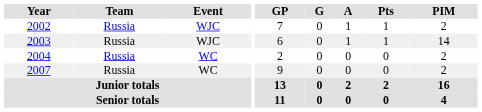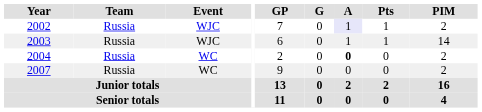 <table border="0" cellpadding="1" cellspacing="0" ID="Table3" style="text-align:center; width:40em">
 <tr bgcolor="#e0e0e0">
 <th>Year</th>
 <th>Team</th>
 <th>Event</th>
 <th rowspan="102" bgcolor="#ffffff"></th>
 <th>GP</th>
 <th>G</th>
 <th>A</th>
 <th>Pts</th>
 <th>PIM</th>
 </tr>
 <tr>
 <td><a href='#'>2002</a></td>
 <td><a href='#'>Russia</a></td>
 <td><a href='#'>WJC</a></td>
 <td>7</td>
 <td>0</td>
-<td>1</td>
+<td style="background: lavender;">1</td>
 <td>1</td>
 <td>2</td>
 </tr>
 <tr bgcolor="#f0f0f0">
 <td><a href='#'>2003</a></td>
 <td>Russia</td>
 <td>WJC</td>
 <td>6</td>
 <td>0</td>
 <td>1</td>
 <td>1</td>
 <td>14</td>
 </tr>
 <tr>
 <td><a href='#'>2004</a></td>
 <td><a href='#'>Russia</a></td>
 <td><a href='#'>WC</a></td>
 <td>2</td>
 <td>0</td>
-<td>0</td>
+<td><strong>0</strong></td>
 <td>0</td>
 <td>2</td>
 </tr>
 <tr bgcolor="#f0f0f0">
 <td><a href='#'>2007</a></td>
 <td>Russia</td>
 <td>WC</td>
 <td>9</td>
 <td>0</td>
 <td>0</td>
 <td>0</td>
 <td>2</td>
 </tr>
 <tr bgcolor="#e0e0e0">
 <th colspan="3">Junior totals</th>
 <th>13</th>
 <th>0</th>
 <th>2</th>
 <th>2</th>
 <th>16</th>
 </tr>
 <tr bgcolor="#e0e0e0">
 <th colspan=3>Senior totals</th>
 <th>11</th>
 <th>0</th>
 <th>0</th>
 <th>0</th>
 <th>4</th>
 </tr>
 </table>
